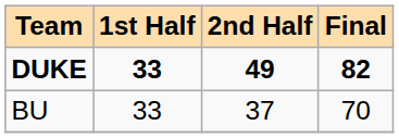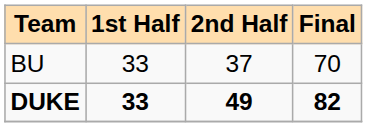 <table class="wikitable" align=right>
 <tr bgcolor=#ffdead align=center>
 <td><strong>Team</strong></td>
 <td><strong>1st Half</strong></td>
 <td><strong>2nd Half</strong></td>
 <td><strong>Final</strong></td>
 </tr>
 <tr>
+<td>BU</td>
+<td align=center>33</td>
+<td align=center>37</td>
+<td align=center>70</td>
+</tr>
+<tr>
 <td><strong>DUKE</strong></td>
 <td align=center><strong>33</strong></td>
 <td align=center><strong>49</strong></td>
 <td align=center><strong>82</strong></td>
 </tr>
 <tr>
-<td>BU</td>
-<td align=center>33</td>
-<td align=center>37</td>
-<td align=center>70</td>
-</tr>
-<tr>
 </tr>
 </table>
